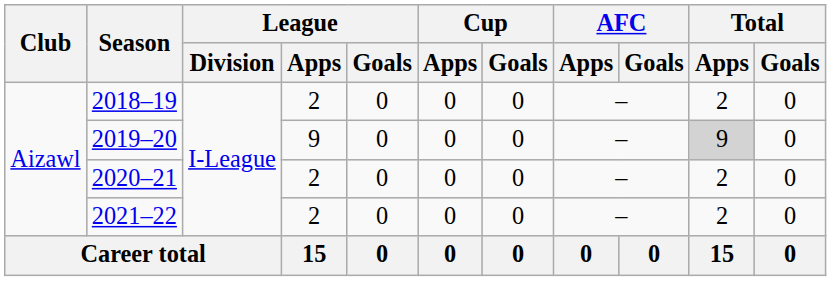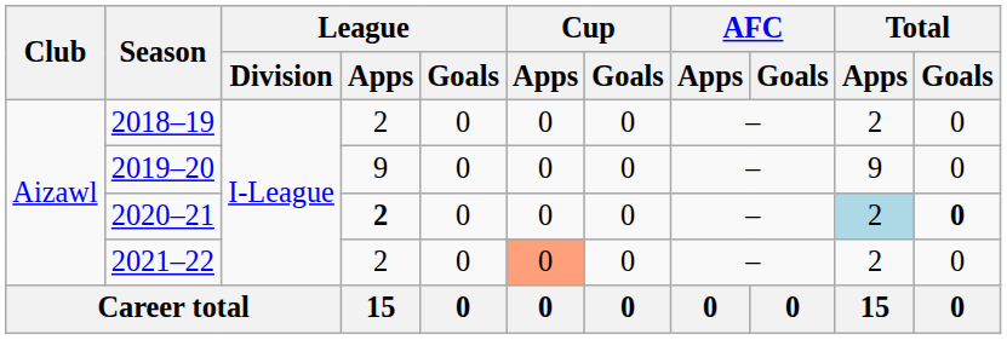 <table class="wikitable" style="text-align: center;">
 <tr>
 <th rowspan="2">Club</th>
 <th rowspan="2">Season</th>
 <th colspan="3">League</th>
 <th colspan="2">Cup</th>
 <th colspan="2"><a href='#'>AFC</a></th>
 <th colspan="2">Total</th>
 </tr>
 <tr>
 <th>Division</th>
 <th>Apps</th>
 <th>Goals</th>
 <th>Apps</th>
 <th>Goals</th>
 <th>Apps</th>
 <th>Goals</th>
 <th>Apps</th>
 <th>Goals</th>
 </tr>
 <tr>
 <td rowspan="4"><a href='#'>Aizawl</a></td>
 <td><a href='#'>2018–19</a></td>
 <td rowspan="4"><a href='#'>I-League</a></td>
 <td>2</td>
 <td>0</td>
 <td>0</td>
 <td>0</td>
 <td colspan="2">–</td>
 <td>2</td>
 <td>0</td>
 </tr>
 <tr>
 <td><a href='#'>2019–20</a></td>
 <td>9</td>
 <td>0</td>
 <td>0</td>
 <td>0</td>
 <td colspan="2">–</td>
-<td style="background: lightgrey;">9</td>
+<td>9</td>
 <td>0</td>
 </tr>
 <tr>
 <td><a href='#'>2020–21</a></td>
-<td>2</td>
+<td><strong>2</strong></td>
 <td>0</td>
 <td>0</td>
 <td>0</td>
 <td colspan="2">–</td>
-<td>2</td>
-<td>0</td>
+<td style="background: lightblue;">2</td>
+<td><strong>0</strong></td>
 </tr>
 <tr>
 <td><a href='#'>2021–22</a></td>
 <td>2</td>
 <td>0</td>
-<td>0</td>
+<td style="background: lightsalmon;">0</td>
 <td>0</td>
 <td colspan="2">–</td>
 <td>2</td>
 <td>0</td>
 </tr>
 <tr>
 <th colspan="3">Career total</th>
 <th>15</th>
 <th>0</th>
 <th>0</th>
 <th>0</th>
 <th>0</th>
 <th>0</th>
 <th>15</th>
 <th>0</th>
 </tr>
 </table>
